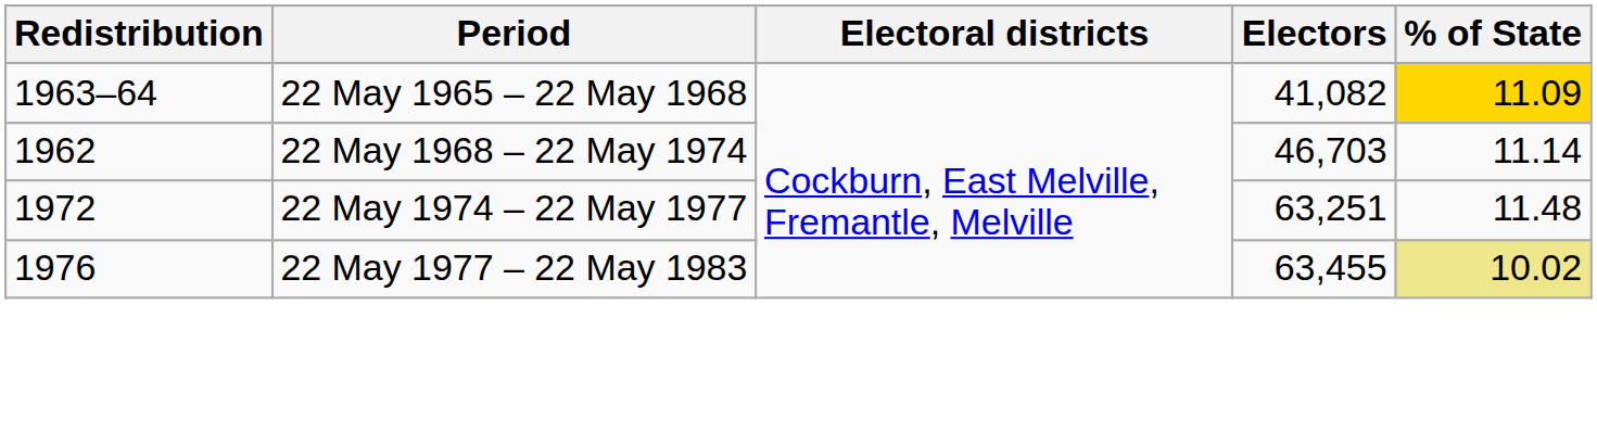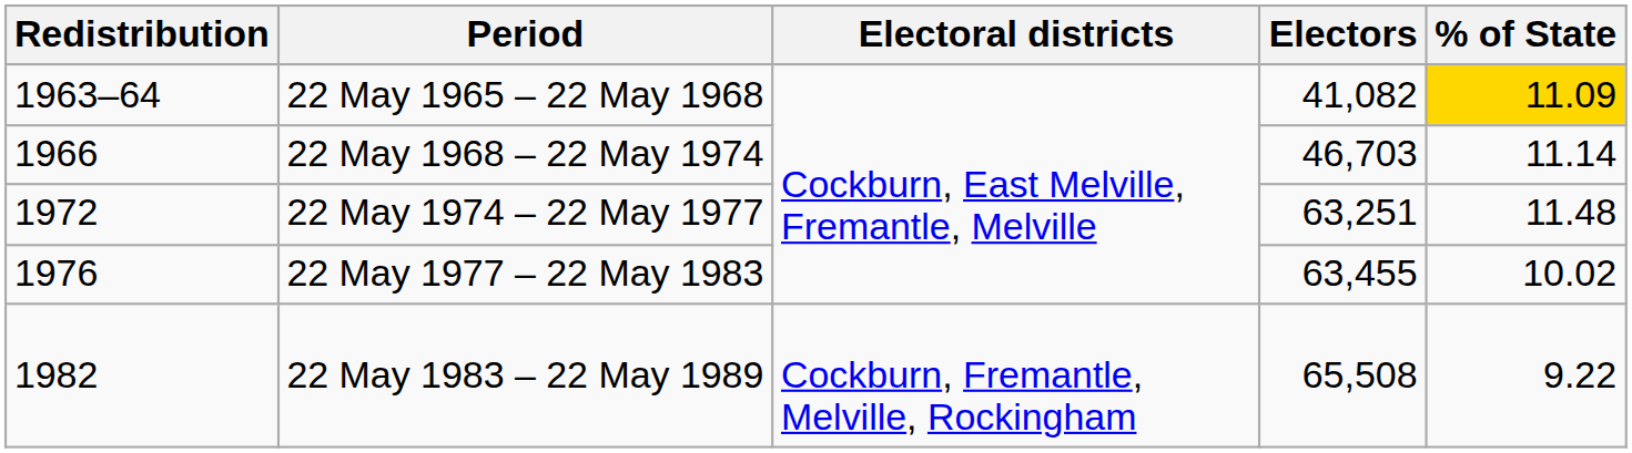 <table class="wikitable">
 <tr>
 <th>Redistribution</th>
 <th>Period</th>
 <th>Electoral districts</th>
 <th>Electors</th>
 <th>% of State</th>
 </tr>
 <tr>
 <td>1963–64</td>
 <td>22 May 1965 – 22 May 1968</td>
 <td width = 200 rowspan = 4><br><a href='#'>Cockburn</a>,  <a href='#'>East Melville</a>,  <a href='#'>Fremantle</a>,  <a href='#'>Melville</a></td>
 <td align=right>41,082</td>
 <td align=right style="background: gold;">11.09</td>
 </tr>
 <tr>
-<td>1962</td>
+<td>1966</td>
 <td>22 May 1968 – 22 May 1974</td>
 <td align=right>46,703</td>
 <td align=right>11.14</td>
 </tr>
 <tr>
 <td>1972</td>
 <td>22 May 1974 – 22 May 1977</td>
 <td align=right>63,251</td>
 <td align=right>11.48</td>
 </tr>
 <tr>
 <td>1976</td>
 <td>22 May 1977 – 22 May 1983</td>
 <td align=right>63,455</td>
-<td align=right style="background: khaki;">10.02</td>
+<td align=right>10.02</td>
+</tr>
+<tr>
+<td>1982</td>
+<td>22 May 1983 – 22 May 1989</td>
+<td width=200><br><a href='#'>Cockburn</a>,  <a href='#'>Fremantle</a>,  <a href='#'>Melville</a>, <a href='#'>Rockingham</a></td>
+<td align=right>65,508</td>
+<td align=right>9.22</td>
 </tr>
 </table>
